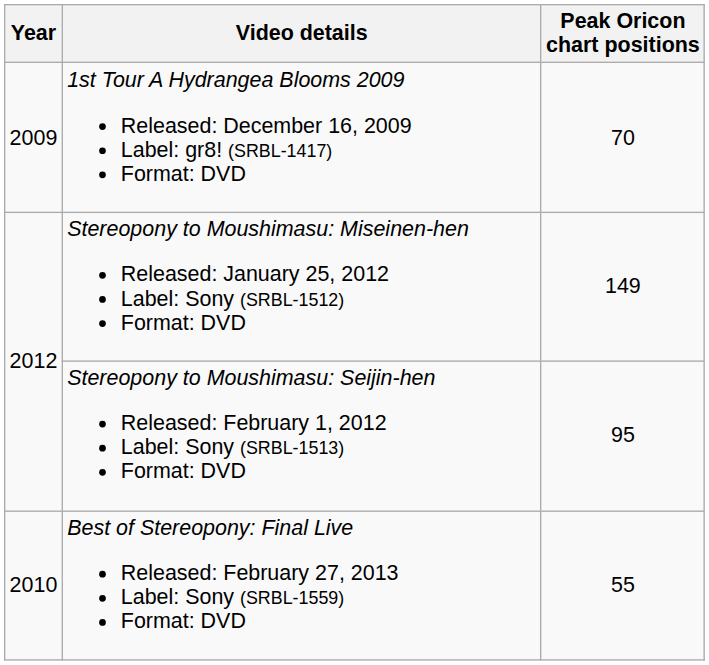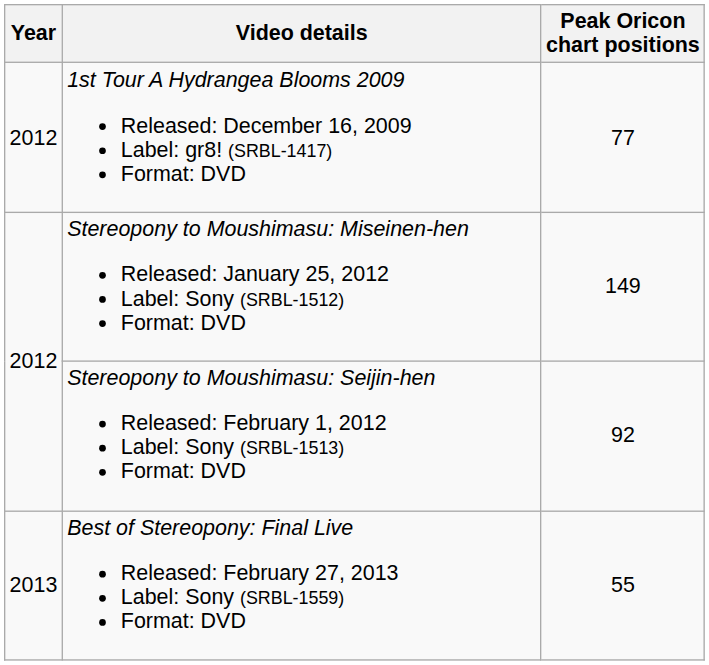 <table class="wikitable" border="1">
 <tr>
 <th rowspan="1">Year</th>
 <th rowspan="1" width="350">Video details</th>
 <th colspan="1">Peak Oricon<br> chart positions</th>
 </tr>
 <tr>
-<td>2009</td>
+<td>2012</td>
 <td align="left"><em>1st Tour A Hydrangea Blooms 2009</em><br><ul><li>Released: December 16, 2009</li><li>Label: gr8! <small>(SRBL-1417)</small></li><li>Format: DVD</li></ul></td>
-<td align="center">70</td>
+<td align="center">77</td>
 </tr>
 <tr>
 <td rowspan="2">2012</td>
 <td align="left"><em>Stereopony to Moushimasu: Miseinen-hen</em><br><ul><li>Released: January 25, 2012</li><li>Label: Sony <small>(SRBL-1512)</small></li><li>Format: DVD</li></ul></td>
 <td align="center">149</td>
 </tr>
 <tr>
 <td align="left"><em>Stereopony to Moushimasu: Seijin-hen</em><br><ul><li>Released: February 1, 2012</li><li>Label: Sony <small>(SRBL-1513)</small></li><li>Format: DVD</li></ul></td>
-<td align="center">95</td>
+<td align="center">92</td>
 </tr>
 <tr>
-<td>2010</td>
+<td>2013</td>
 <td align="left"><em>Best of Stereopony: Final Live</em><br><ul><li>Released: February 27, 2013</li><li>Label: Sony <small>(SRBL-1559)</small></li><li>Format: DVD</li></ul></td>
 <td align="center">55</td>
 </tr>
 </table>
